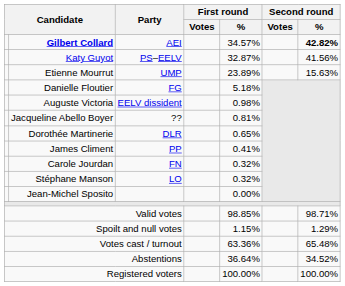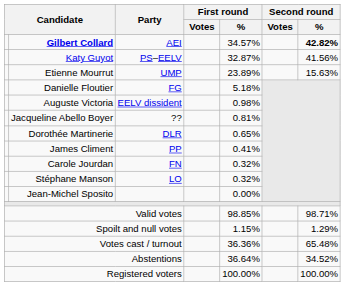 <table class="wikitable" style="text-align:right;font-size:95%;">
 <tr>
 <th rowspan=2 colspan=2>Candidate</th>
 <th rowspan=2 colspan=1>Party</th>
 <th colspan=2>First round</th>
 <th colspan=2>Second round</th>
 </tr>
 <tr>
 <th style="width:50px;">Votes</th>
 <th style="width:55px;">%</th>
 <th style="width:50px;">Votes</th>
 <th style="width:55px;">%</th>
 </tr>
 <tr>
 <td style="color:inherit;background-color:"></td>
 <td><strong><a href='#'>Gilbert Collard</a></strong></td>
 <td><a href='#'>AEI</a></td>
 <td></td>
 <td>34.57%</td>
 <td><strong></strong></td>
 <td><strong>42.82%</strong></td>
 </tr>
 <tr>
 <td style="color:inherit;background-color:"></td>
 <td><a href='#'>Katy Guyot</a></td>
 <td><a href='#'>PS</a>–<a href='#'>EELV</a></td>
 <td></td>
 <td>32.87%</td>
 <td></td>
 <td>41.56%</td>
 </tr>
 <tr>
 <td style="color:inherit;background-color:"></td>
 <td>Etienne Mourrut</td>
 <td><a href='#'>UMP</a></td>
 <td></td>
 <td>23.89%</td>
 <td></td>
 <td>15.63%</td>
 </tr>
 <tr>
 <td style="color:inherit;background-color:"></td>
 <td>Danielle Floutier</td>
 <td><a href='#'>FG</a></td>
 <td></td>
 <td>5.18%</td>
 <td colspan=7 rowspan=8 style="background-color:#E9E9E9;"></td>
 </tr>
 <tr>
 <td style="color:inherit;background-color:"></td>
 <td>Auguste Victoria</td>
 <td><a href='#'>EELV dissident</a></td>
 <td></td>
 <td>0.98%</td>
 </tr>
 <tr>
 <td style="background-color:;"></td>
 <td>Jacqueline Abello Boyer</td>
 <td>??</td>
 <td></td>
 <td>0.81%</td>
 </tr>
 <tr>
 <td style="color:inherit;background-color:"></td>
 <td>Dorothée Martinerie</td>
 <td><a href='#'>DLR</a></td>
 <td></td>
 <td>0.65%</td>
 </tr>
 <tr>
 <td style="color:inherit;background-color:"></td>
 <td>James Climent</td>
 <td><a href='#'>PP</a></td>
 <td></td>
 <td>0.41%</td>
 </tr>
 <tr>
 <td style="color:inherit;background-color:"></td>
 <td>Carole Jourdan</td>
 <td><a href='#'>FN</a></td>
 <td></td>
 <td>0.32%</td>
 </tr>
 <tr>
 <td style="color:inherit;background-color:"></td>
 <td>Stéphane Manson</td>
 <td><a href='#'>LO</a></td>
 <td></td>
 <td>0.32%</td>
 </tr>
 <tr>
 <td style="background-color:;"></td>
 <td>Jean-Michel Sposito</td>
 <td></td>
 <td></td>
 <td>0.00%</td>
 </tr>
 <tr>
 <td colspan=7 style="background-color:#E9E9E9;"></td>
 </tr>
 <tr>
 <td colspan=3>Valid votes</td>
 <td></td>
 <td>98.85%</td>
 <td></td>
 <td>98.71%</td>
 </tr>
 <tr>
 <td colspan=3>Spoilt and null votes</td>
 <td></td>
 <td>1.15%</td>
 <td></td>
 <td>1.29%</td>
 </tr>
 <tr>
 <td colspan=3>Votes cast / turnout</td>
 <td></td>
-<td>63.36%</td>
+<td>36.36%</td>
 <td></td>
 <td>65.48%</td>
 </tr>
 <tr>
 <td colspan=3>Abstentions</td>
 <td></td>
 <td>36.64%</td>
 <td></td>
 <td>34.52%</td>
 </tr>
 <tr>
 <td colspan=3>Registered voters</td>
 <td></td>
 <td>100.00%</td>
 <td></td>
 <td>100.00%</td>
 </tr>
 </table>
